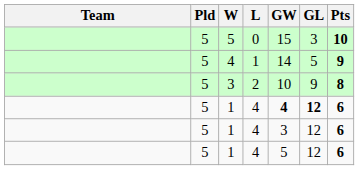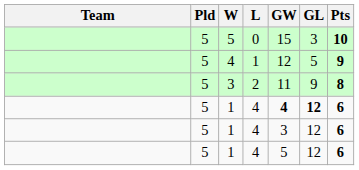 <table class="wikitable" style="text-align:center">
 <tr>
 <th width=200>Team</th>
 <th width=20>Pld</th>
 <th width=20>W</th>
 <th width=20>L</th>
 <th width=20>GW</th>
 <th width=20>GL</th>
 <th width=20>Pts</th>
 </tr>
 <tr bgcolor=ccffcc>
 <td style="text-align:left;"></td>
 <td>5</td>
 <td>5</td>
 <td>0</td>
 <td>15</td>
 <td>3</td>
 <td><strong>10</strong></td>
 </tr>
 <tr bgcolor=ccffcc>
 <td style="text-align:left;"></td>
 <td>5</td>
 <td>4</td>
 <td>1</td>
-<td>14</td>
+<td>12</td>
 <td>5</td>
 <td><strong>9</strong></td>
 </tr>
 <tr bgcolor=ccffcc>
 <td style="text-align:left;"></td>
 <td>5</td>
 <td>3</td>
 <td>2</td>
-<td>10</td>
+<td>11</td>
 <td>9</td>
 <td><strong>8</strong></td>
 </tr>
 <tr>
 <td style="text-align:left;"></td>
 <td>5</td>
 <td>1</td>
 <td>4</td>
 <td><strong>4</strong></td>
 <td><strong>12</strong></td>
 <td><strong>6</strong></td>
 </tr>
 <tr>
 <td style="text-align:left;"></td>
 <td>5</td>
 <td>1</td>
 <td>4</td>
 <td>3</td>
 <td>12</td>
 <td><strong>6</strong></td>
 </tr>
 <tr>
 <td style="text-align:left;"></td>
 <td>5</td>
 <td>1</td>
 <td>4</td>
 <td>5</td>
 <td>12</td>
 <td><strong>6</strong></td>
 </tr>
 </table>
